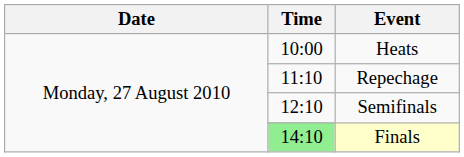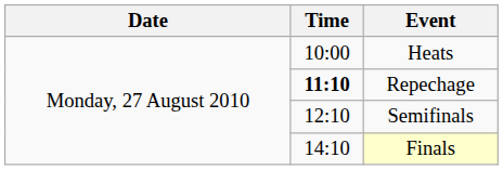 <table class = "wikitable" style="text-align:center;">
 <tr>
 <th width=220>Date</th>
 <th width=50>Time</th>
 <th width=100>Event</th>
 </tr>
 <tr>
 <td rowspan="4">Monday, 27 August 2010</td>
 <td>10:00</td>
 <td>Heats</td>
 </tr>
 <tr>
-<td>11:10</td>
+<td><strong>11:10</strong></td>
 <td>Repechage</td>
 </tr>
 <tr>
 <td>12:10</td>
 <td>Semifinals</td>
 </tr>
 <tr>
-<td style="background: lightgreen;">14:10</td>
+<td>14:10</td>
 <td bgcolor=ffffcc>Finals</td>
 </tr>
 </table>
